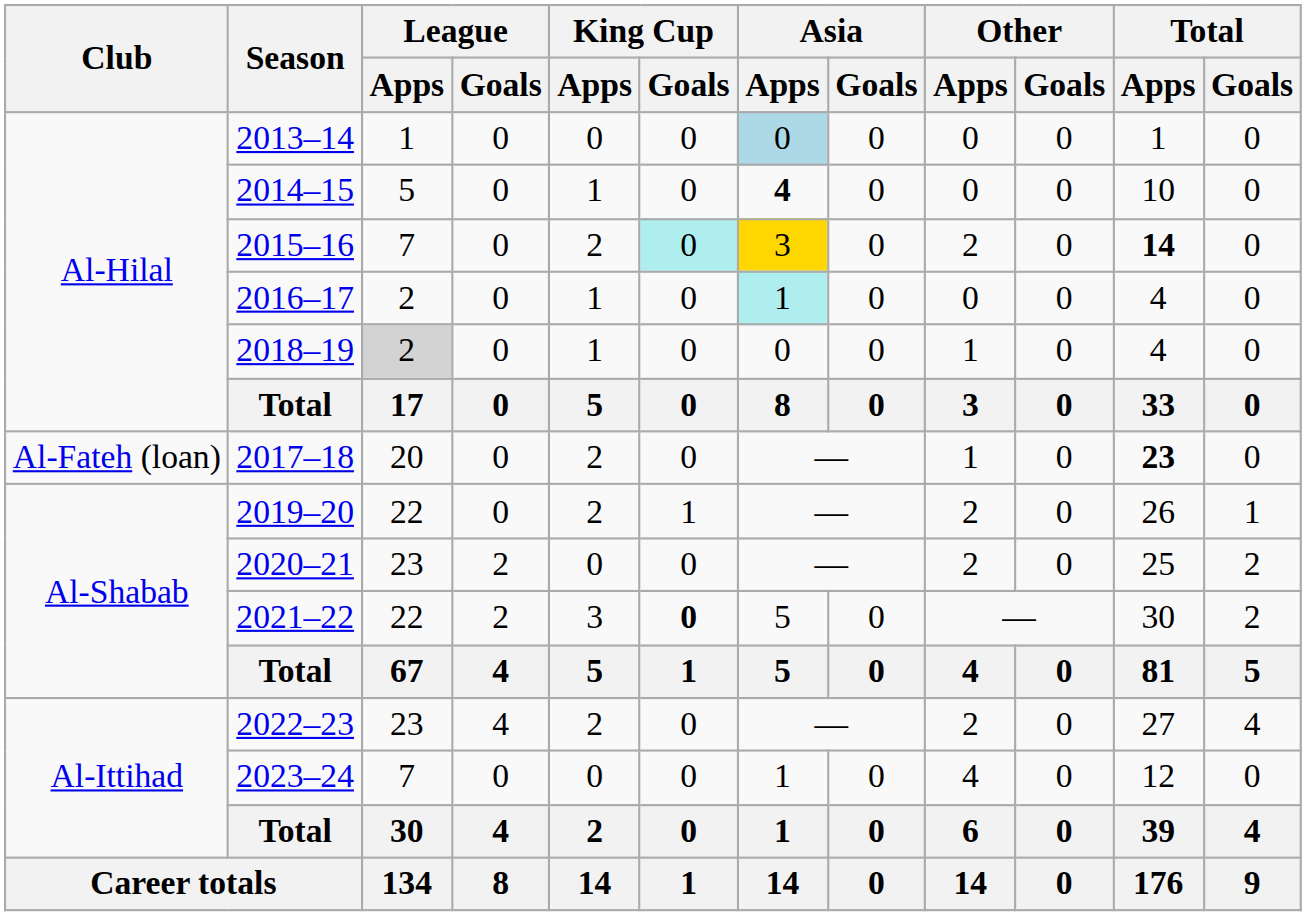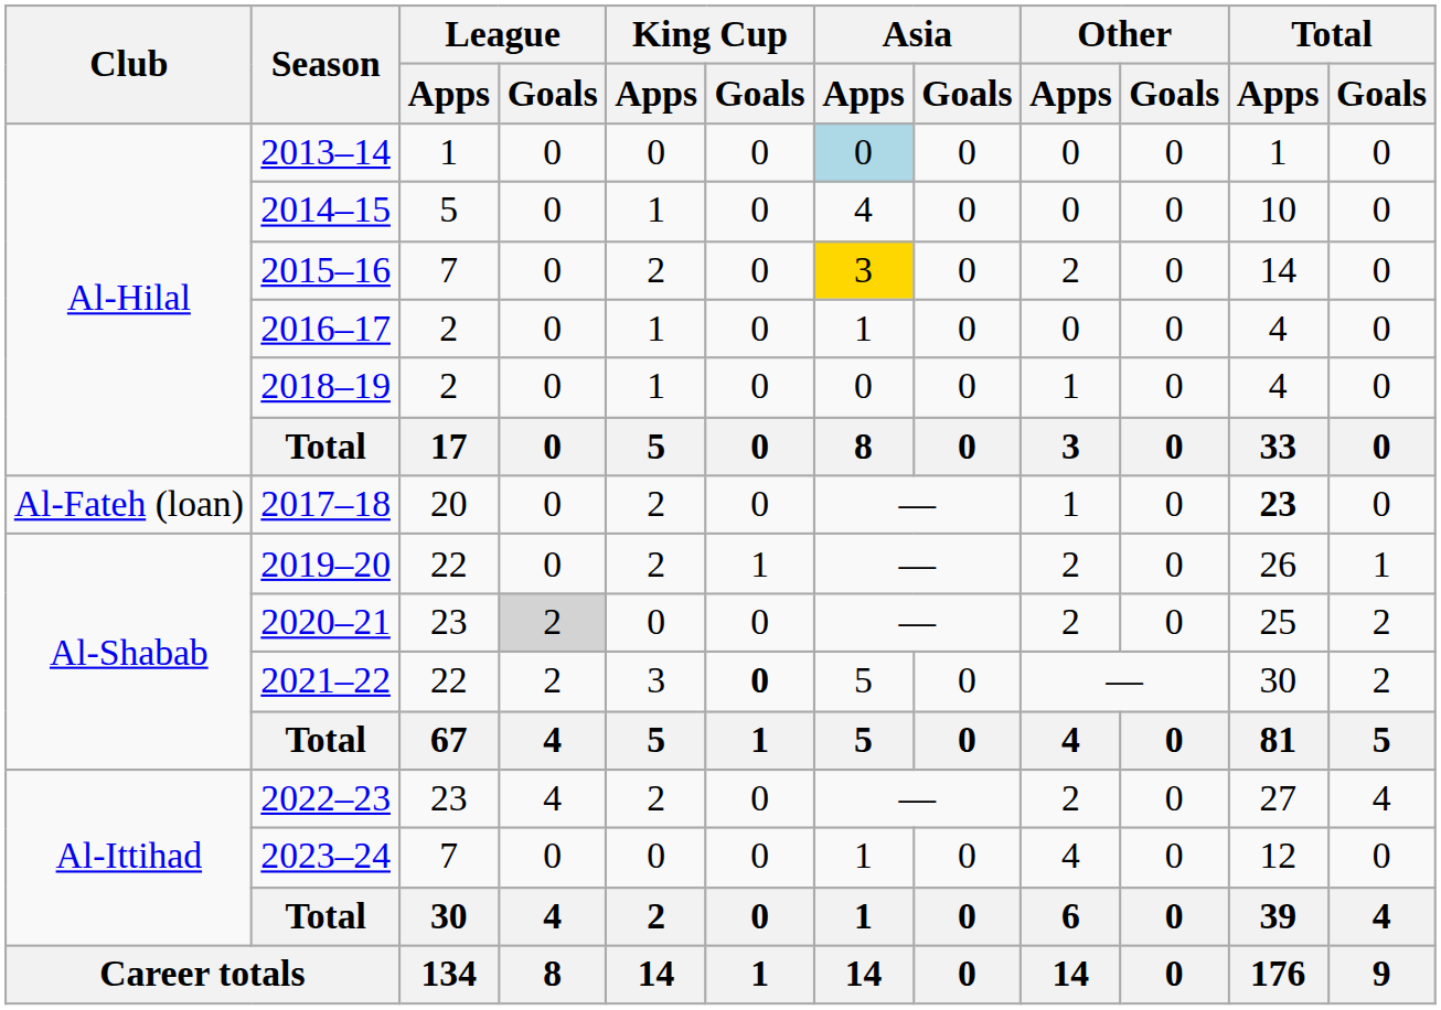 <table class="wikitable" style="text-align: center">
 <tr>
 <th rowspan=2>Club</th>
 <th rowspan=2>Season</th>
 <th colspan=2>League</th>
 <th colspan=2>King Cup</th>
 <th colspan=2>Asia</th>
 <th colspan=2>Other</th>
 <th colspan=2>Total</th>
 </tr>
 <tr>
 <th>Apps</th>
 <th>Goals</th>
 <th>Apps</th>
 <th>Goals</th>
 <th>Apps</th>
 <th>Goals</th>
 <th>Apps</th>
 <th>Goals</th>
 <th>Apps</th>
 <th>Goals</th>
 </tr>
 <tr>
 <td rowspan=6><a href='#'>Al-Hilal</a></td>
 <td><a href='#'>2013–14</a></td>
 <td>1</td>
 <td>0</td>
 <td>0</td>
 <td>0</td>
 <td style="background: lightblue;">0</td>
 <td>0</td>
 <td>0</td>
 <td>0</td>
 <td>1</td>
 <td>0</td>
 </tr>
 <tr>
 <td><a href='#'>2014–15</a></td>
 <td>5</td>
 <td>0</td>
 <td>1</td>
 <td>0</td>
-<td><strong>4</strong></td>
+<td>4</td>
 <td>0</td>
 <td>0</td>
 <td>0</td>
 <td>10</td>
 <td>0</td>
 </tr>
 <tr>
 <td><a href='#'>2015–16</a></td>
 <td>7</td>
 <td>0</td>
 <td>2</td>
-<td style="background: paleturquoise;">0</td>
+<td>0</td>
 <td style="background: gold;">3</td>
 <td>0</td>
 <td>2</td>
 <td>0</td>
-<td><strong>14</strong></td>
+<td>14</td>
 <td>0</td>
 </tr>
 <tr>
 <td><a href='#'>2016–17</a></td>
 <td>2</td>
 <td>0</td>
 <td>1</td>
 <td>0</td>
-<td style="background: paleturquoise;">1</td>
+<td>1</td>
 <td>0</td>
 <td>0</td>
 <td>0</td>
 <td>4</td>
 <td>0</td>
 </tr>
 <tr>
 <td><a href='#'>2018–19</a></td>
-<td style="background: lightgrey;">2</td>
+<td>2</td>
 <td>0</td>
 <td>1</td>
 <td>0</td>
 <td>0</td>
 <td>0</td>
 <td>1</td>
 <td>0</td>
 <td>4</td>
 <td>0</td>
 </tr>
 <tr>
 <th>Total</th>
 <th>17</th>
 <th>0</th>
 <th>5</th>
 <th>0</th>
 <th>8</th>
 <th>0</th>
 <th>3</th>
 <th>0</th>
 <th>33</th>
 <th>0</th>
 </tr>
 <tr>
 <td><a href='#'>Al-Fateh</a> (loan)</td>
 <td><a href='#'>2017–18</a></td>
 <td>20</td>
 <td>0</td>
 <td>2</td>
 <td>0</td>
 <td colspan=2>—</td>
 <td>1</td>
 <td>0</td>
 <td><strong>23</strong></td>
 <td>0</td>
 </tr>
 <tr>
 <td rowspan=4><a href='#'>Al-Shabab</a></td>
 <td><a href='#'>2019–20</a></td>
 <td>22</td>
 <td>0</td>
 <td>2</td>
 <td>1</td>
 <td colspan=2>—</td>
 <td>2</td>
 <td>0</td>
 <td>26</td>
 <td>1</td>
 </tr>
 <tr>
 <td><a href='#'>2020–21</a></td>
 <td>23</td>
-<td>2</td>
+<td style="background: lightgrey;">2</td>
 <td>0</td>
 <td>0</td>
 <td colspan=2>—</td>
 <td>2</td>
 <td>0</td>
 <td>25</td>
 <td>2</td>
 </tr>
 <tr>
 <td><a href='#'>2021–22</a></td>
 <td>22</td>
 <td>2</td>
 <td>3</td>
 <td><strong>0</strong></td>
 <td>5</td>
 <td>0</td>
 <td colspan=2>—</td>
 <td>30</td>
 <td>2</td>
 </tr>
 <tr>
 <th>Total</th>
 <th>67</th>
 <th>4</th>
 <th>5</th>
 <th>1</th>
 <th>5</th>
 <th>0</th>
 <th>4</th>
 <th>0</th>
 <th>81</th>
 <th>5</th>
 </tr>
 <tr>
 <td rowspan=3><a href='#'>Al-Ittihad</a></td>
 <td><a href='#'>2022–23</a></td>
 <td>23</td>
 <td>4</td>
 <td>2</td>
 <td>0</td>
 <td colspan=2>—</td>
 <td>2</td>
 <td>0</td>
 <td>27</td>
 <td>4</td>
 </tr>
 <tr>
 <td><a href='#'>2023–24</a></td>
 <td>7</td>
 <td>0</td>
 <td>0</td>
 <td>0</td>
 <td>1</td>
 <td>0</td>
 <td>4</td>
 <td>0</td>
 <td>12</td>
 <td>0</td>
 </tr>
 <tr>
 <th>Total</th>
 <th>30</th>
 <th>4</th>
 <th>2</th>
 <th>0</th>
 <th>1</th>
 <th>0</th>
 <th>6</th>
 <th>0</th>
 <th>39</th>
 <th>4</th>
 </tr>
 <tr>
 <th colspan=2>Career totals</th>
 <th>134</th>
 <th>8</th>
 <th>14</th>
 <th>1</th>
 <th>14</th>
 <th>0</th>
 <th>14</th>
 <th>0</th>
 <th>176</th>
 <th>9</th>
 </tr>
 </table>
